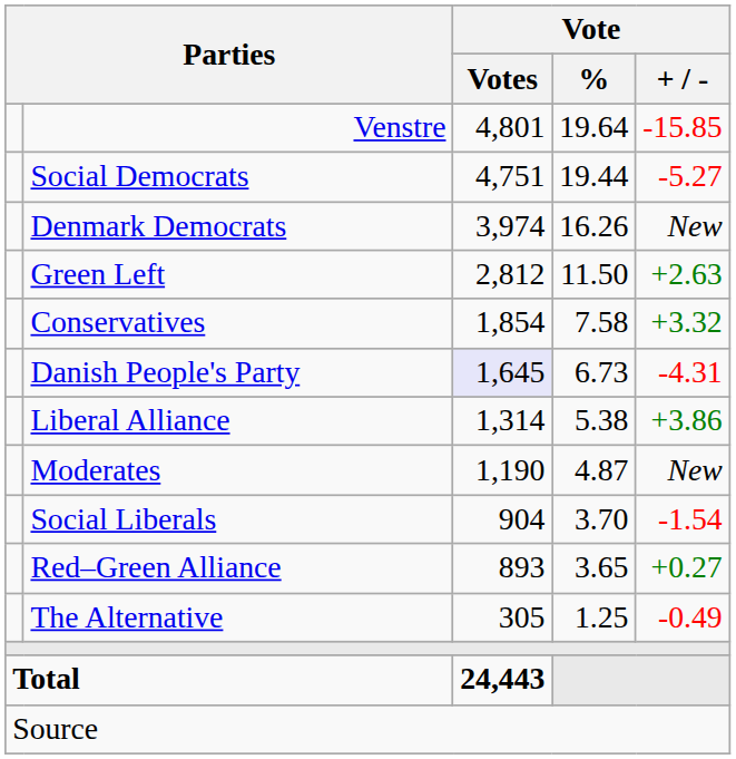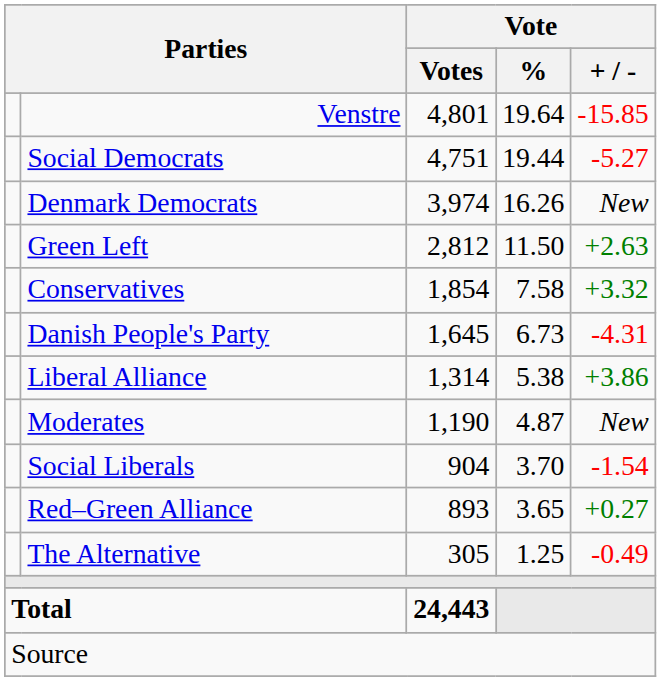 <table class="wikitable" style="text-align:right;">
 <tr>
 <th style="text-align:centre;" rowspan="2" colspan="2" width="225">Parties</th>
 <th colspan="3">Vote</th>
 </tr>
 <tr>
 <th width="15">Votes</th>
 <th width="15">%</th>
 <th width="15">+ / -</th>
 </tr>
 <tr>
 <td width=2 bgcolor=></td>
 <td><a href='#'>Venstre</a></td>
 <td>4,801</td>
 <td>19.64</td>
 <td style=color:red;>-15.85</td>
 </tr>
 <tr>
 <td width=2 bgcolor=></td>
 <td align=left><a href='#'>Social Democrats</a></td>
 <td>4,751</td>
 <td>19.44</td>
 <td style=color:red;>-5.27</td>
 </tr>
 <tr>
 <td width=2 bgcolor=></td>
 <td align=left><a href='#'>Denmark Democrats</a></td>
 <td>3,974</td>
 <td>16.26</td>
 <td><em>New</em></td>
 </tr>
 <tr>
 <td width=2 bgcolor=></td>
 <td align=left><a href='#'>Green Left</a></td>
 <td>2,812</td>
 <td>11.50</td>
 <td style=color:green;>+2.63</td>
 </tr>
 <tr>
 <td width=2 bgcolor=></td>
 <td align=left><a href='#'>Conservatives</a></td>
 <td>1,854</td>
 <td>7.58</td>
 <td style=color:green;>+3.32</td>
 </tr>
 <tr>
 <td width=2 bgcolor=></td>
 <td align=left><a href='#'>Danish People's Party</a></td>
-<td style="background: lavender;">1,645</td>
+<td>1,645</td>
 <td>6.73</td>
 <td style=color:red;>-4.31</td>
 </tr>
 <tr>
 <td width=2 bgcolor=></td>
 <td align=left><a href='#'>Liberal Alliance</a></td>
 <td>1,314</td>
 <td>5.38</td>
 <td style=color:green;>+3.86</td>
 </tr>
 <tr>
 <td width=2 bgcolor=></td>
 <td align=left><a href='#'>Moderates</a></td>
 <td>1,190</td>
 <td>4.87</td>
 <td><em>New</em></td>
 </tr>
 <tr>
 <td width=2 bgcolor=></td>
 <td align=left><a href='#'>Social Liberals</a></td>
 <td>904</td>
 <td>3.70</td>
 <td style=color:red;>-1.54</td>
 </tr>
 <tr>
 <td width=2 bgcolor=></td>
 <td align=left><a href='#'>Red–Green Alliance</a></td>
 <td>893</td>
 <td>3.65</td>
 <td style=color:green;>+0.27</td>
 </tr>
 <tr>
 <td width=2 bgcolor=></td>
 <td align=left><a href='#'>The Alternative</a></td>
 <td>305</td>
 <td>1.25</td>
 <td style=color:red;>-0.49</td>
 </tr>
 <tr>
 <td colspan="7" bgcolor="#E9E9E9"></td>
 </tr>
 <tr>
 <td align="left" colspan="2"><strong>Total</strong></td>
 <td><strong>24,443</strong></td>
 <td bgcolor=#E9E9E9 colspan=2></td>
 </tr>
 <tr>
 <td align="left" colspan="6">Source</td>
 </tr>
 </table>
